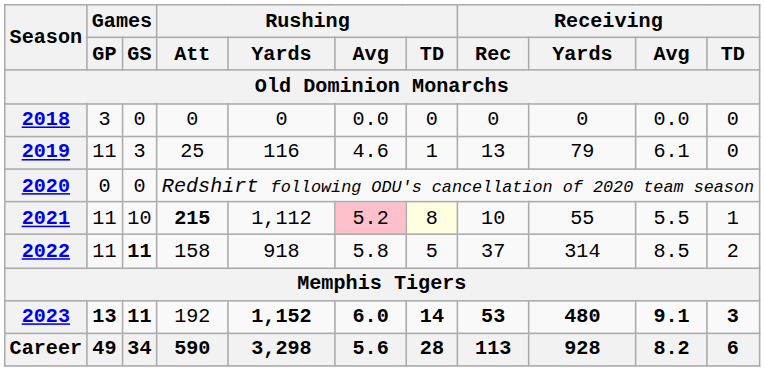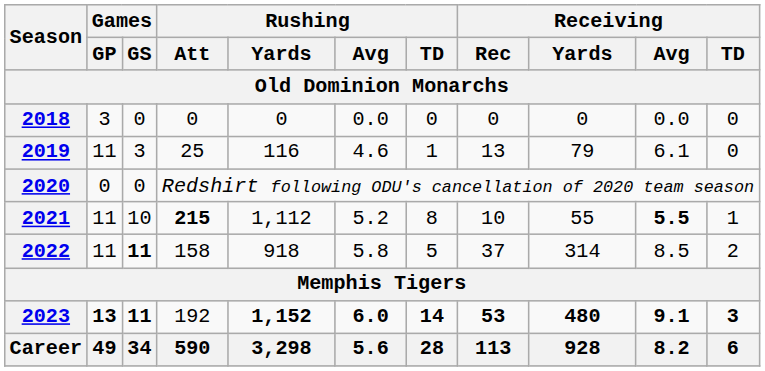 <table class="wikitable" style="text-align:center;">
 <tr>
 <th rowspan="2">Season</th>
 <th colspan="2">Games</th>
 <th colspan="4">Rushing</th>
 <th colspan="4">Receiving</th>
 </tr>
 <tr>
 <th>GP</th>
 <th>GS</th>
 <th>Att</th>
 <th>Yards</th>
 <th>Avg</th>
 <th>TD</th>
 <th>Rec</th>
 <th>Yards</th>
 <th>Avg</th>
 <th>TD</th>
 </tr>
 <tr>
 <th colspan="15">Old Dominion Monarchs</th>
 </tr>
 <tr>
 <th><a href='#'>2018</a></th>
 <td>3</td>
 <td>0</td>
 <td>0</td>
 <td>0</td>
 <td>0.0</td>
 <td>0</td>
 <td>0</td>
 <td>0</td>
 <td>0.0</td>
 <td>0</td>
 </tr>
 <tr>
 <th><a href='#'>2019</a></th>
 <td>11</td>
 <td>3</td>
 <td>25</td>
 <td>116</td>
 <td>4.6</td>
 <td>1</td>
 <td>13</td>
 <td>79</td>
 <td>6.1</td>
 <td>0</td>
 </tr>
 <tr>
 <th><a href='#'>2020</a></th>
 <td>0</td>
 <td>0</td>
 <td colspan="13"><em>Redshirt  <small>following ODU's cancellation of 2020 team season</small></em></td>
 </tr>
 <tr>
 <th><a href='#'>2021</a></th>
 <td>11</td>
 <td>10</td>
 <td><strong>215</strong></td>
 <td>1,112</td>
-<td style="background: pink;">5.2</td>
-<td style="background: lightyellow;">8</td>
+<td>5.2</td>
+<td>8</td>
 <td>10</td>
 <td>55</td>
-<td>5.5</td>
+<td><strong>5.5</strong></td>
 <td>1</td>
 </tr>
 <tr>
 <th><a href='#'>2022</a></th>
 <td>11</td>
 <td><strong>11</strong></td>
 <td>158</td>
 <td>918</td>
 <td>5.8</td>
 <td>5</td>
 <td>37</td>
 <td>314</td>
 <td>8.5</td>
 <td>2</td>
 </tr>
 <tr>
 <th colspan="15">Memphis Tigers</th>
 </tr>
 <tr>
 <th><a href='#'>2023</a></th>
 <td><strong>13</strong></td>
 <td><strong>11</strong></td>
 <td>192</td>
 <td><strong>1,152</strong></td>
 <td><strong>6.0</strong></td>
 <td><strong>14</strong></td>
 <td><strong>53</strong></td>
 <td><strong>480</strong></td>
 <td><strong>9.1</strong></td>
 <td><strong>3</strong></td>
 </tr>
 <tr>
 <th>Career</th>
 <th>49</th>
 <th>34</th>
 <th>590</th>
 <th>3,298</th>
 <th>5.6</th>
 <th>28</th>
 <th>113</th>
 <th>928</th>
 <th>8.2</th>
 <th>6</th>
 </tr>
 </table>
